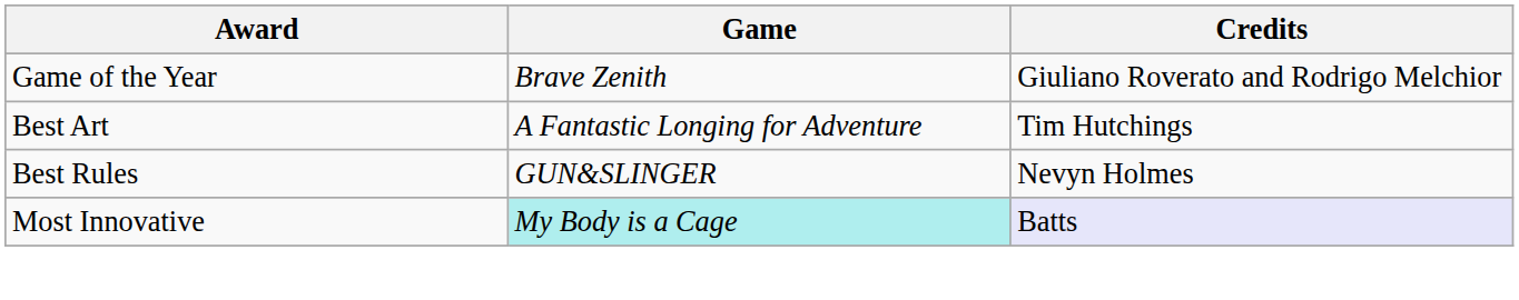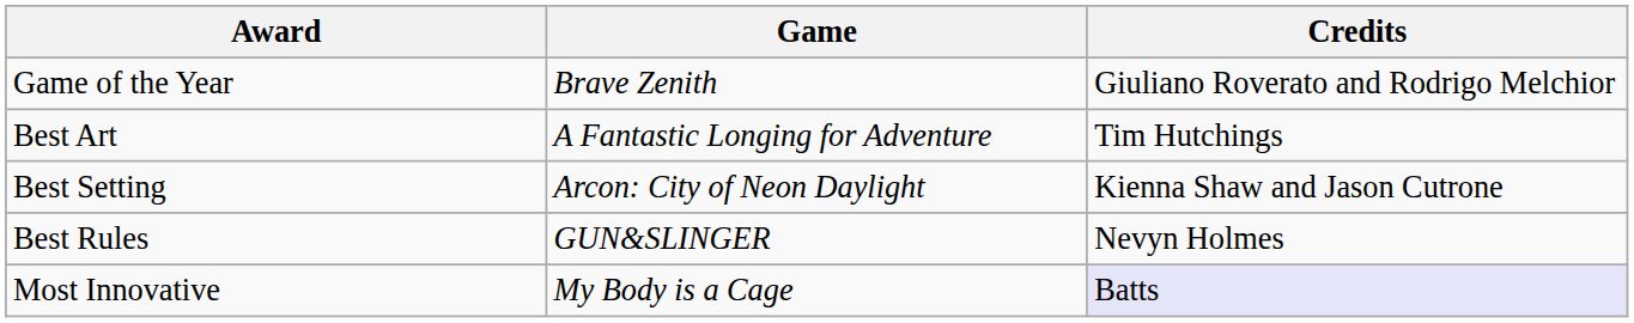 <table class="wikitable sortable" style="margins:auto; width=95%; font-size: 95%;">
 <tr>
 <th width="33%">Award</th>
 <th width="33%">Game</th>
 <th width="33%">Credits</th>
 </tr>
 <tr>
 <td>Game of the Year</td>
 <td><em>Brave Zenith</em></td>
 <td>Giuliano Roverato and Rodrigo Melchior</td>
 </tr>
 <tr>
 <td>Best Art</td>
 <td><em>A Fantastic Longing for Adventure</em></td>
 <td>Tim Hutchings</td>
 </tr>
 <tr>
+<td>Best Setting</td>
+<td><em>Arcon: City of Neon Daylight</em></td>
+<td>Kienna Shaw and Jason Cutrone</td>
+</tr>
+<tr>
 <td>Best Rules</td>
 <td><em>GUN&SLINGER</em></td>
 <td>Nevyn Holmes</td>
 </tr>
 <tr>
 <td>Most Innovative</td>
-<td style="background: paleturquoise;"><em>My Body is a Cage</em></td>
+<td><em>My Body is a Cage</em></td>
 <td style="background: lavender;">Batts</td>
 </tr>
 </table>
